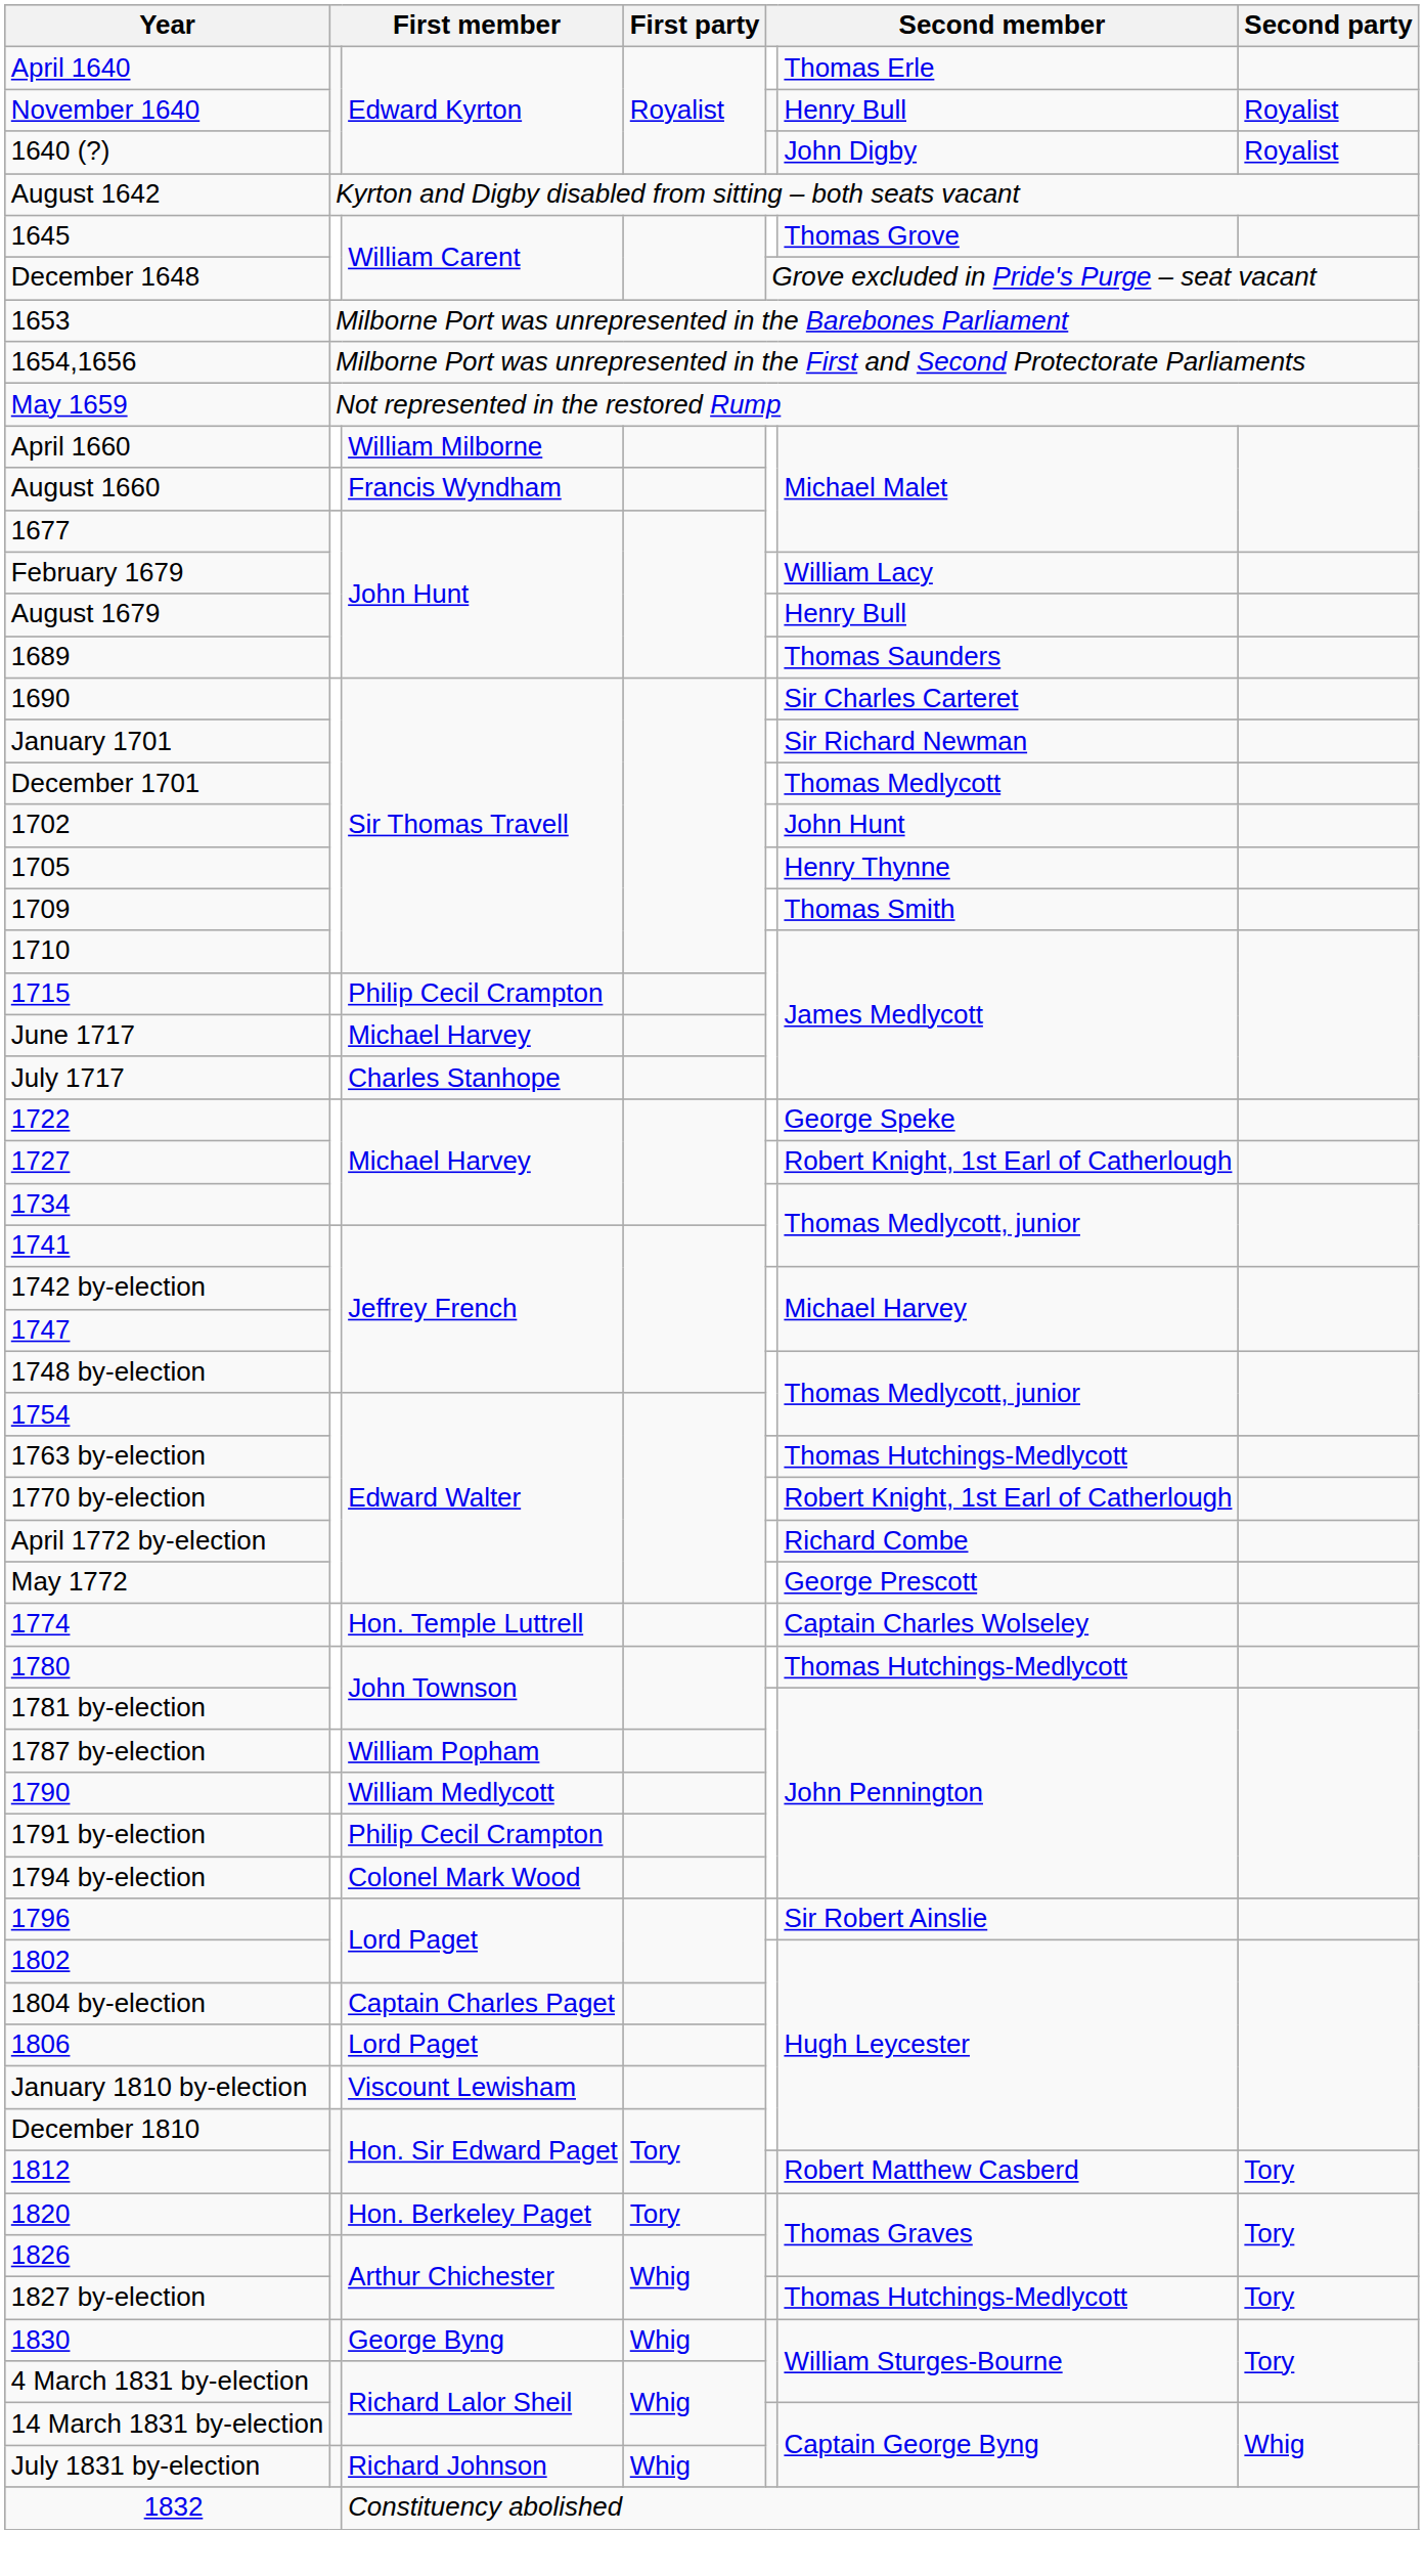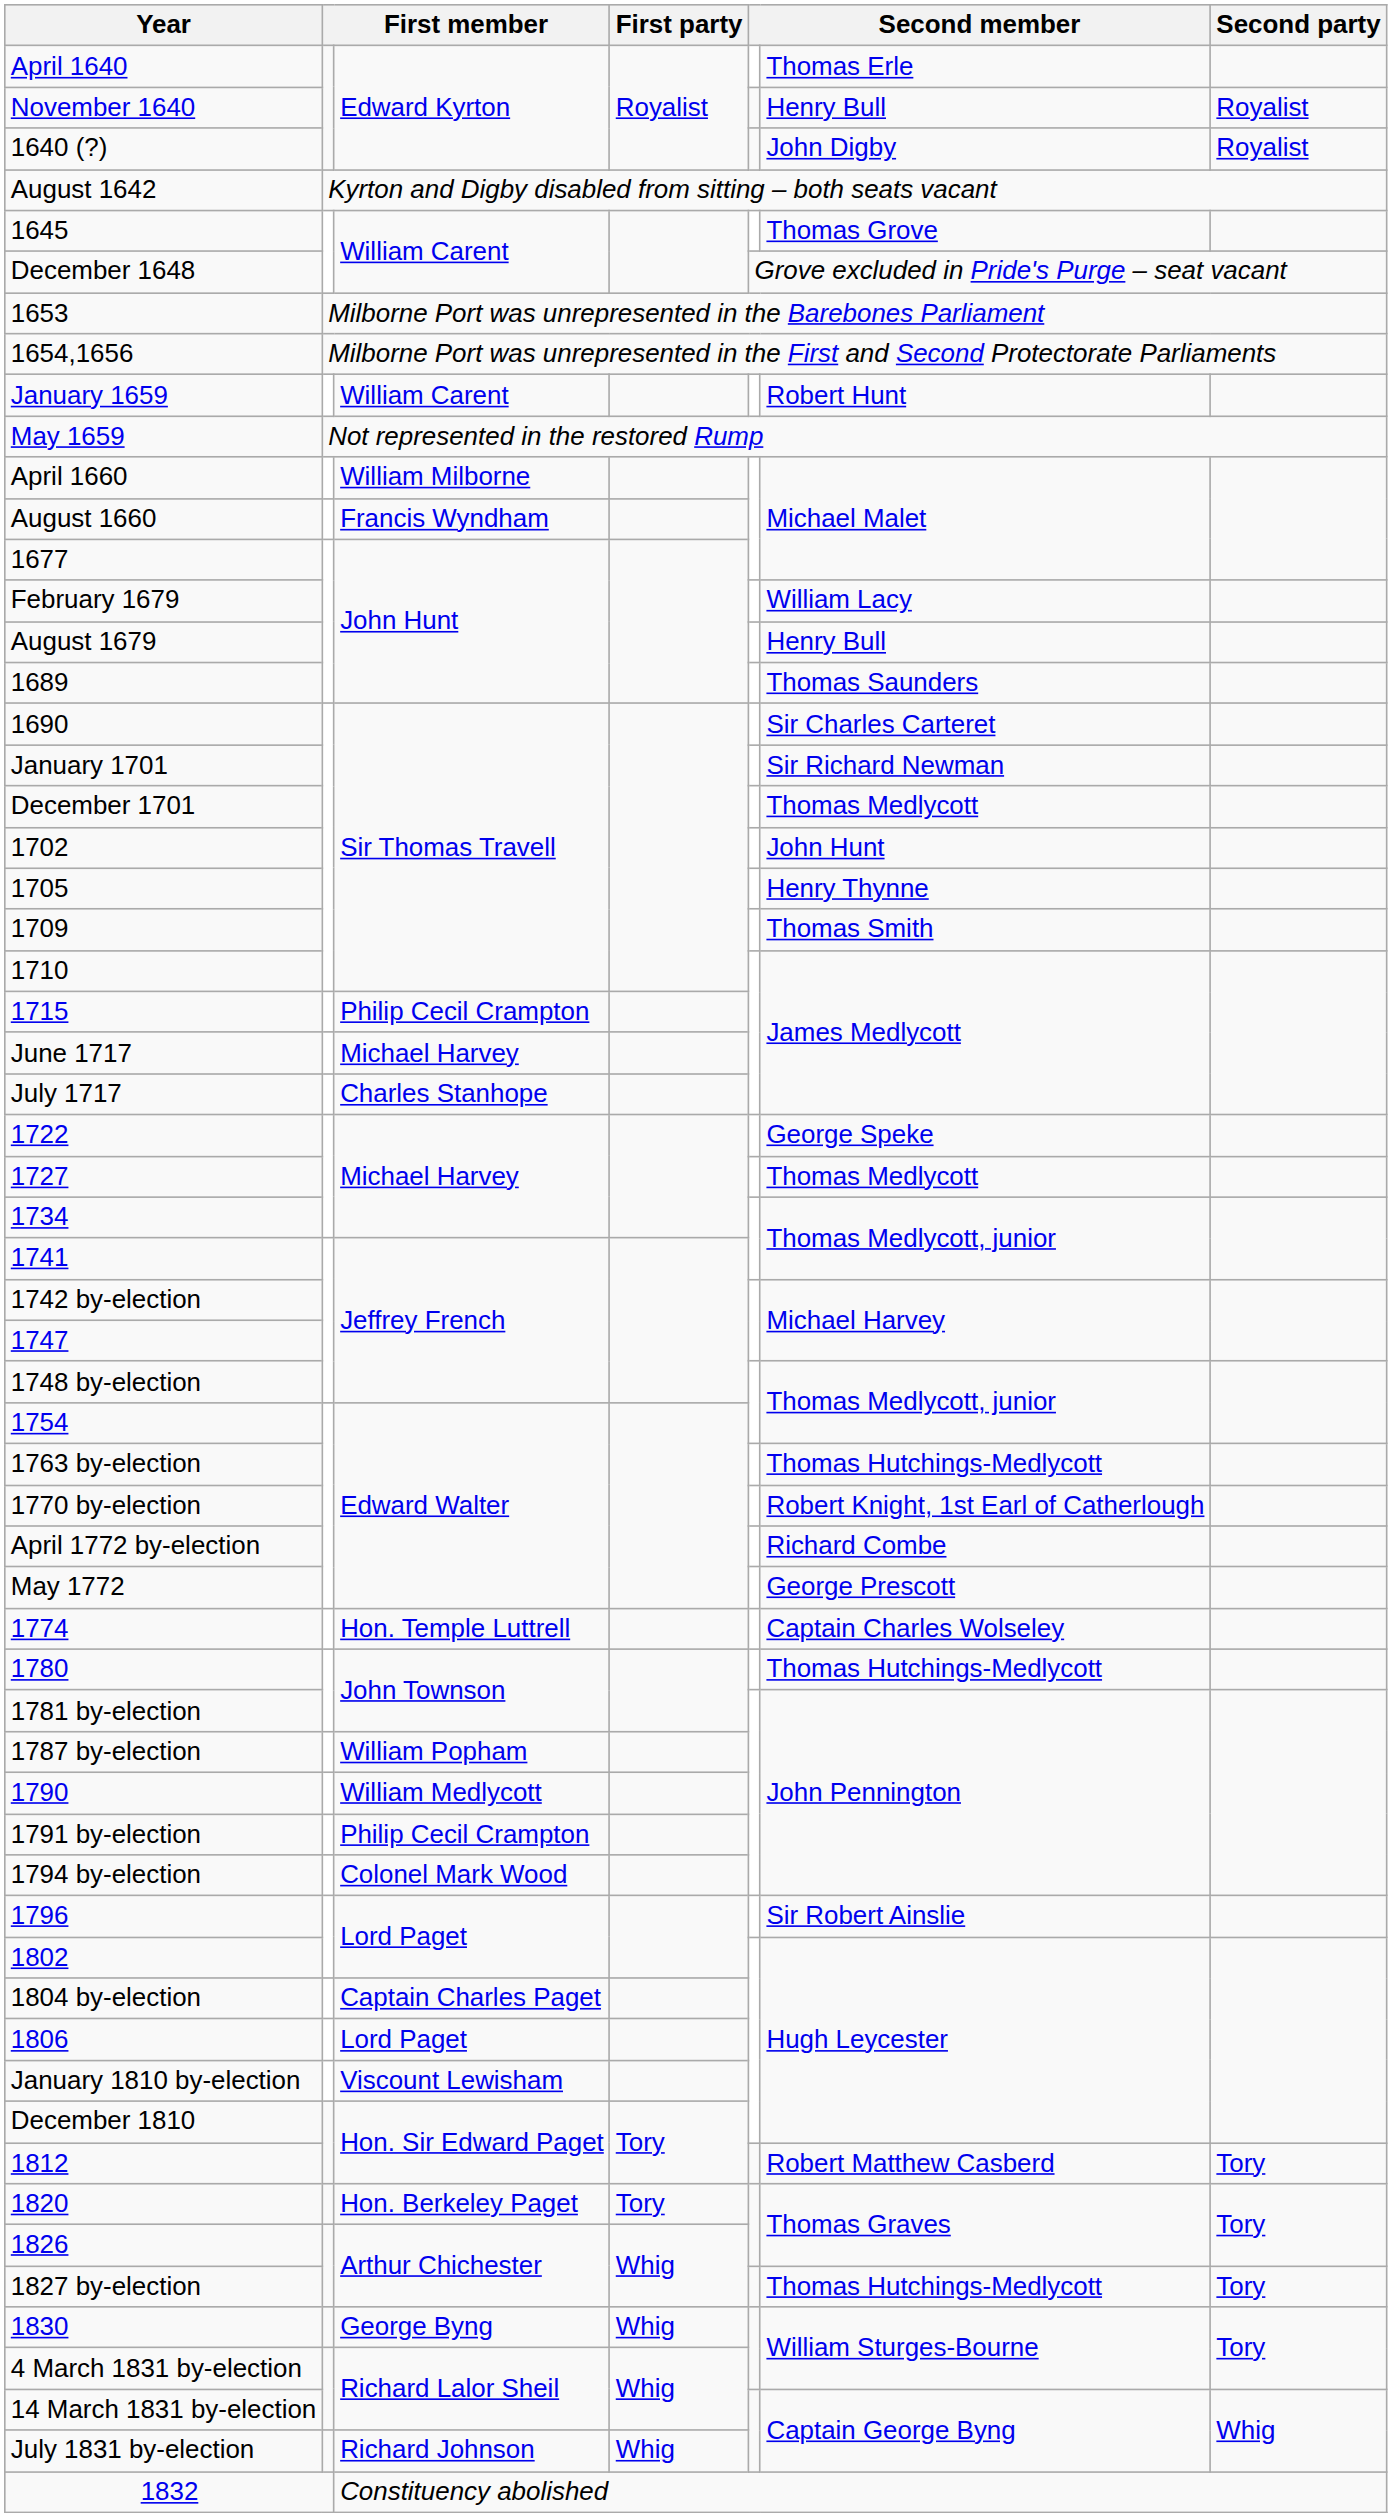 <table class="wikitable">
 <tr>
 <th>Year</th>
 <th colspan="2">First member</th>
 <th>First party</th>
 <th colspan="2">Second member</th>
 <th>Second party</th>
 </tr>
 <tr>
 <td><a href='#'>April 1640</a></td>
 <td rowspan="3" style="color:inherit;background-color: "></td>
 <td rowspan="3"><a href='#'>Edward Kyrton</a></td>
 <td rowspan="3"><a href='#'>Royalist</a></td>
 <td style="color:inherit;background-color: white"></td>
 <td><a href='#'>Thomas Erle</a></td>
 <td></td>
 </tr>
 <tr>
 <td><a href='#'>November 1640</a></td>
 <td style="color:inherit;background-color: "></td>
 <td><a href='#'>Henry Bull</a></td>
 <td><a href='#'>Royalist</a></td>
 </tr>
 <tr>
 <td>1640 (?)</td>
 <td style="color:inherit;background-color: "></td>
 <td><a href='#'>John Digby</a></td>
 <td><a href='#'>Royalist</a></td>
 </tr>
 <tr>
 <td>August 1642</td>
 <td colspan="6"><em>Kyrton and Digby disabled from sitting – both seats vacant</em></td>
 </tr>
 <tr>
 <td>1645</td>
 <td rowspan="2" style="color:inherit;background-color: white"></td>
 <td rowspan="2"><a href='#'>William Carent</a></td>
 <td rowspan="2"></td>
 <td style="color:inherit;background-color: white"></td>
 <td><a href='#'>Thomas Grove</a></td>
 <td></td>
 </tr>
 <tr>
 <td>December 1648</td>
 <td colspan="3"><em>Grove excluded in <a href='#'>Pride's Purge</a> – seat vacant</em></td>
 </tr>
 <tr>
 <td>1653</td>
 <td colspan="6"><em>Milborne Port was unrepresented in the <a href='#'>Barebones Parliament</a> </em></td>
 </tr>
 <tr>
 <td>1654,1656</td>
 <td colspan="6"><em>Milborne Port was unrepresented in the <a href='#'>First</a> and <a href='#'>Second</a> Protectorate Parliaments</em></td>
+</tr>
+<tr>
+<td><a href='#'>January 1659</a></td>
+<td style="color:inherit;background-color: white"></td>
+<td><a href='#'>William Carent</a></td>
+<td></td>
+<td style="color:inherit;background-color: white"></td>
+<td><a href='#'>Robert Hunt</a></td>
+<td></td>
 </tr>
 <tr>
 <td><a href='#'>May 1659</a></td>
 <td colspan="6"><em>Not represented in the restored <a href='#'>Rump</a></em></td>
 </tr>
 <tr>
 <td>April 1660</td>
 <td style="color:inherit;background-color: white"></td>
 <td><a href='#'>William Milborne</a></td>
 <td></td>
 <td rowspan="3" style="color:inherit;background-color: white"></td>
 <td rowspan="3"><a href='#'>Michael Malet</a></td>
 <td rowspan="3"></td>
 </tr>
 <tr>
 <td>August 1660</td>
 <td style="color:inherit;background-color: white"></td>
 <td><a href='#'>Francis Wyndham</a></td>
 <td></td>
 </tr>
 <tr>
 <td>1677</td>
 <td rowspan="4" style="color:inherit;background-color: white"></td>
 <td rowspan="4"><a href='#'>John Hunt</a></td>
 <td rowspan="4"></td>
 </tr>
 <tr>
 <td>February 1679</td>
 <td style="color:inherit;background-color: white"></td>
 <td><a href='#'>William Lacy</a></td>
 <td></td>
 </tr>
 <tr>
 <td>August 1679</td>
 <td style="color:inherit;background-color: white"></td>
 <td><a href='#'>Henry Bull</a></td>
 <td></td>
 </tr>
 <tr>
 <td>1689</td>
 <td style="color:inherit;background-color: white"></td>
 <td><a href='#'>Thomas Saunders</a></td>
 <td></td>
 </tr>
 <tr>
 <td>1690</td>
 <td rowspan="7" style="color:inherit;background-color: white"></td>
 <td rowspan="7"><a href='#'>Sir Thomas Travell</a></td>
 <td rowspan="7"></td>
 <td style="color:inherit;background-color: white"></td>
 <td><a href='#'>Sir Charles Carteret</a></td>
 <td></td>
 </tr>
 <tr>
 <td>January 1701</td>
 <td style="color:inherit;background-color: white"></td>
 <td><a href='#'>Sir Richard Newman</a></td>
 <td></td>
 </tr>
 <tr>
 <td>December 1701</td>
 <td style="color:inherit;background-color: white"></td>
 <td><a href='#'>Thomas Medlycott</a></td>
 <td></td>
 </tr>
 <tr>
 <td>1702</td>
 <td style="color:inherit;background-color: white"></td>
 <td><a href='#'>John Hunt</a></td>
 <td></td>
 </tr>
 <tr>
 <td>1705</td>
 <td style="color:inherit;background-color: white"></td>
 <td><a href='#'>Henry Thynne</a></td>
 <td></td>
 </tr>
 <tr>
 <td>1709</td>
 <td style="color:inherit;background-color: white"></td>
 <td><a href='#'>Thomas Smith</a></td>
 <td></td>
 </tr>
 <tr>
 <td>1710</td>
 <td rowspan="4" style="color:inherit;background-color: white"></td>
 <td rowspan="4"><a href='#'>James Medlycott</a></td>
 <td rowspan="4"></td>
 </tr>
 <tr>
 <td><a href='#'>1715</a></td>
 <td style="color:inherit;background-color: white"></td>
 <td><a href='#'>Philip Cecil Crampton</a></td>
 <td></td>
 </tr>
 <tr>
 <td>June 1717</td>
 <td style="color:inherit;background-color: white"></td>
 <td><a href='#'>Michael Harvey</a></td>
 <td></td>
 </tr>
 <tr>
 <td>July 1717 </td>
 <td style="color:inherit;background-color: white"></td>
 <td><a href='#'>Charles Stanhope</a></td>
 <td></td>
 </tr>
 <tr>
 <td><a href='#'>1722</a></td>
 <td rowspan="3" style="color:inherit;background-color: white"></td>
 <td rowspan="3"><a href='#'>Michael Harvey</a></td>
 <td rowspan="3"></td>
 <td style="color:inherit;background-color: white"></td>
 <td><a href='#'>George Speke</a></td>
 <td></td>
 </tr>
 <tr>
 <td><a href='#'>1727</a></td>
 <td style="color:inherit;background-color: white"></td>
-<td><a href='#'>Robert Knight, 1st Earl of Catherlough</a></td>
+<td><a href='#'>Thomas Medlycott</a></td>
 <td></td>
 </tr>
 <tr>
 <td><a href='#'>1734</a></td>
 <td rowspan="2" style="color:inherit;background-color: white"></td>
 <td rowspan="2"><a href='#'>Thomas Medlycott, junior</a></td>
 <td rowspan="2"></td>
 </tr>
 <tr>
 <td><a href='#'>1741</a></td>
 <td rowspan="4" style="color:inherit;background-color: white"></td>
 <td rowspan="4"><a href='#'>Jeffrey French</a></td>
 <td rowspan="4"></td>
 </tr>
 <tr>
 <td>1742 by-election</td>
 <td rowspan="2" style="color:inherit;background-color: white"></td>
 <td rowspan="2"><a href='#'>Michael Harvey</a></td>
 <td rowspan="2"></td>
 </tr>
 <tr>
 <td><a href='#'>1747</a></td>
 </tr>
 <tr>
 <td>1748 by-election</td>
 <td rowspan="2" style="color:inherit;background-color: white"></td>
 <td rowspan="2"><a href='#'>Thomas Medlycott, junior</a></td>
 <td rowspan="2"></td>
 </tr>
 <tr>
 <td><a href='#'>1754</a></td>
 <td rowspan="5" style="color:inherit;background-color: white"></td>
 <td rowspan="5"><a href='#'>Edward Walter</a></td>
 <td rowspan="5"></td>
 </tr>
 <tr>
 <td>1763 by-election</td>
 <td style="color:inherit;background-color: white"></td>
 <td><a href='#'>Thomas Hutchings-Medlycott</a></td>
 <td></td>
 </tr>
 <tr>
 <td>1770 by-election</td>
 <td style="color:inherit;background-color: white"></td>
 <td><a href='#'>Robert Knight, 1st Earl of Catherlough</a></td>
 <td></td>
 </tr>
 <tr>
 <td>April 1772 by-election </td>
 <td style="color:inherit;background-color: white"></td>
 <td><a href='#'>Richard Combe</a></td>
 <td></td>
 </tr>
 <tr>
 <td>May 1772 </td>
 <td style="color:inherit;background-color: white"></td>
 <td><a href='#'>George Prescott</a></td>
 <td></td>
 </tr>
 <tr>
 <td><a href='#'>1774</a></td>
 <td style="color:inherit;background-color: white"></td>
 <td><a href='#'>Hon. Temple Luttrell</a></td>
 <td></td>
 <td style="color:inherit;background-color: white"></td>
 <td><a href='#'>Captain Charles Wolseley</a></td>
 <td></td>
 </tr>
 <tr>
 <td><a href='#'>1780</a></td>
 <td rowspan="2" style="color:inherit;background-color: white"></td>
 <td rowspan="2"><a href='#'>John Townson</a></td>
 <td rowspan="2"></td>
 <td style="color:inherit;background-color: white"></td>
 <td><a href='#'>Thomas Hutchings-Medlycott</a></td>
 <td></td>
 </tr>
 <tr>
 <td>1781 by-election</td>
 <td rowspan="5" style="color:inherit;background-color: white"></td>
 <td rowspan="5"><a href='#'>John Pennington</a></td>
 <td rowspan="5"></td>
 </tr>
 <tr>
 <td>1787 by-election</td>
 <td style="color:inherit;background-color: white"></td>
 <td><a href='#'>William Popham</a></td>
 <td></td>
 </tr>
 <tr>
 <td><a href='#'>1790</a></td>
 <td style="color:inherit;background-color: white"></td>
 <td><a href='#'>William Medlycott</a></td>
 <td></td>
 </tr>
 <tr>
 <td>1791 by-election</td>
 <td style="color:inherit;background-color: white"></td>
 <td><a href='#'>Philip Cecil Crampton</a></td>
 <td></td>
 </tr>
 <tr>
 <td>1794 by-election</td>
 <td style="color:inherit;background-color: white"></td>
 <td><a href='#'>Colonel Mark Wood</a></td>
 <td></td>
 </tr>
 <tr>
 <td><a href='#'>1796</a></td>
 <td rowspan="2" style="color:inherit;background-color: white"></td>
 <td rowspan="2"><a href='#'>Lord Paget</a></td>
 <td rowspan="2"></td>
 <td style="color:inherit;background-color: white"></td>
 <td><a href='#'>Sir Robert Ainslie</a></td>
 <td></td>
 </tr>
 <tr>
 <td><a href='#'>1802</a></td>
 <td rowspan="5" style="color:inherit;background-color: white"></td>
 <td rowspan="5"><a href='#'>Hugh Leycester</a></td>
 <td rowspan="5"></td>
 </tr>
 <tr>
 <td>1804 by-election</td>
 <td style="color:inherit;background-color: white"></td>
 <td><a href='#'>Captain Charles Paget</a></td>
 <td></td>
 </tr>
 <tr>
 <td><a href='#'>1806</a></td>
 <td style="color:inherit;background-color: white"></td>
 <td><a href='#'>Lord Paget</a></td>
 <td></td>
 </tr>
 <tr>
 <td>January 1810 by-election</td>
 <td style="color:inherit;background-color: white"></td>
 <td><a href='#'>Viscount Lewisham</a></td>
 <td></td>
 </tr>
 <tr>
 <td>December 1810</td>
 <td rowspan="2" style="color:inherit;background-color: "></td>
 <td rowspan="2"><a href='#'>Hon. Sir Edward Paget</a></td>
 <td rowspan="2"><a href='#'>Tory</a></td>
 </tr>
 <tr>
 <td><a href='#'>1812</a></td>
 <td style="color:inherit;background-color: "></td>
 <td><a href='#'>Robert Matthew Casberd</a></td>
 <td><a href='#'>Tory</a></td>
 </tr>
 <tr>
 <td><a href='#'>1820</a></td>
 <td style="color:inherit;background-color: "></td>
 <td><a href='#'>Hon. Berkeley Paget</a></td>
 <td><a href='#'>Tory</a></td>
 <td rowspan="2" style="color:inherit;background-color: "></td>
 <td rowspan="2"><a href='#'>Thomas Graves</a></td>
 <td rowspan="2"><a href='#'>Tory</a></td>
 </tr>
 <tr>
 <td><a href='#'>1826</a></td>
 <td rowspan="2" style="color:inherit;background-color: "></td>
 <td rowspan="2"><a href='#'>Arthur Chichester</a></td>
 <td rowspan="2"><a href='#'>Whig</a></td>
 </tr>
 <tr>
 <td>1827 by-election</td>
 <td style="color:inherit;background-color: "></td>
 <td><a href='#'>Thomas Hutchings-Medlycott</a></td>
 <td><a href='#'>Tory</a></td>
 </tr>
 <tr>
 <td><a href='#'>1830</a></td>
 <td style="color:inherit;background-color: "></td>
 <td><a href='#'>George Byng</a></td>
 <td><a href='#'>Whig</a></td>
 <td rowspan="2" style="color:inherit;background-color: "></td>
 <td rowspan="2"><a href='#'>William Sturges-Bourne</a></td>
 <td rowspan="2"><a href='#'>Tory</a></td>
 </tr>
 <tr>
 <td>4 March 1831 by-election</td>
 <td rowspan="2" style="color:inherit;background-color: "></td>
 <td rowspan="2"><a href='#'>Richard Lalor Sheil</a></td>
 <td rowspan="2"><a href='#'>Whig</a></td>
 </tr>
 <tr>
 <td>14 March 1831 by-election</td>
 <td rowspan="2" style="color:inherit;background-color: "></td>
 <td rowspan="2"><a href='#'>Captain George Byng</a></td>
 <td rowspan="2"><a href='#'>Whig</a></td>
 </tr>
 <tr>
 <td>July 1831 by-election</td>
 <td style="color:inherit;background-color: "></td>
 <td><a href='#'>Richard Johnson</a></td>
 <td><a href='#'>Whig</a></td>
 </tr>
 <tr>
 <td colspan="2" align="center"><a href='#'>1832</a></td>
 <td colspan="5"><em>Constituency abolished</em></td>
 </tr>
 <tr>
 </tr>
 </table>
